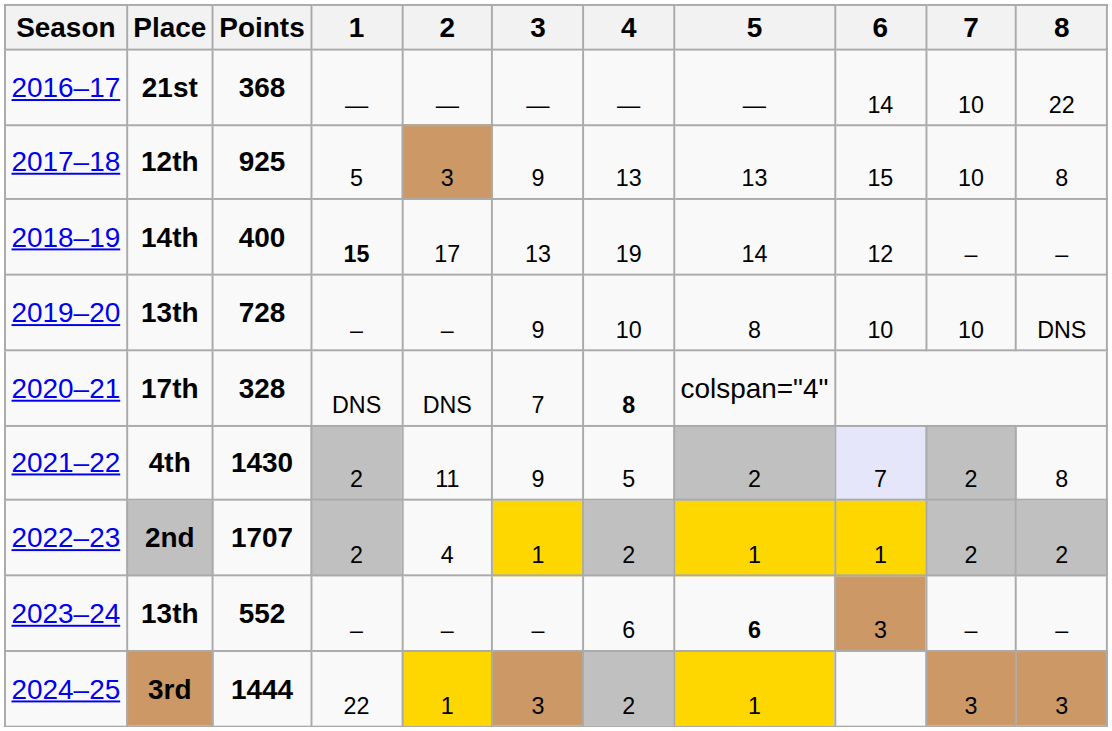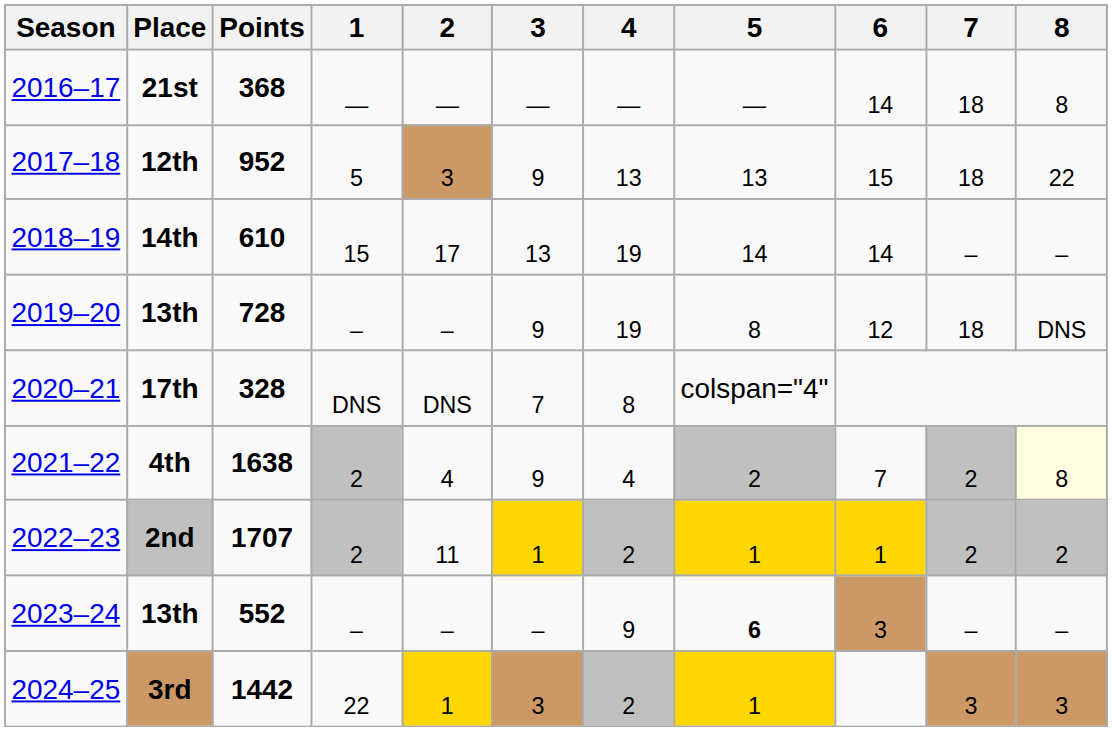 <table class="wikitable" border="1" style="text-align:center; font-size:90%;">
 <tr>
 <th>Season</th>
 <th>Place</th>
 <th>Points</th>
 <th width=40px>1</th>
 <th width=40px>2</th>
 <th width=40px>3</th>
 <th width=40px>4</th>
 <th width=40px>5</th>
 <th width=40px>6</th>
 <th width=40px>7</th>
 <th width=40px>8</th>
 </tr>
 <tr>
 <td><a href='#'>2016–17</a></td>
 <td><strong>21st</strong></td>
 <td><strong>368</strong></td>
 <td><br><small>—</small></td>
 <td><br><small>—</small></td>
 <td><br><small>—</small></td>
 <td><br><small>—</small></td>
 <td><br><small>—</small></td>
 <td><br><small>14</small></td>
-<td><br><small>10</small></td>
-<td><br><small>22</small></td>
+<td><br><small>18</small></td>
+<td><br><small>8</small></td>
 </tr>
 <tr>
 <td><a href='#'>2017–18</a></td>
 <td><strong>12th</strong></td>
-<td><strong>925</strong></td>
+<td><strong>952</strong></td>
 <td><br><small>5</small></td>
 <td style="background:#c96"><br><small>3</small></td>
 <td><br><small>9</small></td>
 <td><br><small>13</small></td>
 <td><br><small>13</small></td>
 <td><br><small>15</small></td>
-<td><br><small>10</small></td>
-<td><br><small>8</small></td>
+<td><br><small>18</small></td>
+<td><br><small>22</small></td>
 </tr>
 <tr>
 <td><a href='#'>2018–19</a></td>
 <td><strong>14th</strong></td>
-<td><strong>400</strong></td>
-<td><strong><br><small>15</small></strong></td>
+<td><strong>610</strong></td>
+<td><br><small>15</small></td>
 <td><br><small>17</small></td>
 <td><br><small>13</small></td>
 <td><br><small>19</small></td>
 <td><br><small>14</small></td>
-<td><br><small>12</small></td>
+<td><br><small>14</small></td>
 <td><br><small>–</small></td>
 <td><br><small>–</small></td>
 </tr>
 <tr>
 <td><a href='#'>2019–20</a></td>
 <td><strong>13th</strong></td>
 <td><strong>728</strong></td>
 <td><br><small>–</small></td>
 <td><br><small>–</small></td>
 <td><br><small>9</small></td>
-<td><br><small>10</small></td>
+<td><br><small>19</small></td>
 <td><br><small>8</small></td>
-<td><br><small>10</small></td>
-<td><br><small>10</small></td>
+<td><br><small>12</small></td>
+<td><br><small>18</small></td>
 <td><br><small>DNS</small></td>
 </tr>
 <tr>
 <td><a href='#'>2020–21</a></td>
 <td><strong>17th</strong></td>
 <td><strong>328</strong></td>
 <td><br><small>DNS</small></td>
 <td><br><small>DNS</small></td>
 <td><br><small>7</small></td>
-<td><strong><br><small>8</small></strong></td>
+<td><br><small>8</small></td>
 <td>colspan="4" </td>
 </tr>
 <tr>
 <td><a href='#'>2021–22</a></td>
 <td><strong>4th</strong></td>
-<td><strong>1430</strong></td>
+<td><strong>1638</strong></td>
 <td style="background:silver"><br><small>2</small></td>
-<td><br><small>11</small></td>
+<td><br><small>4</small></td>
 <td><br><small>9</small></td>
-<td><br><small>5</small></td>
+<td><br><small>4</small></td>
 <td style="background:silver"><br><small>2</small></td>
-<td style="background: lavender;"><br><small>7</small></td>
+<td><br><small>7</small></td>
 <td style="background:silver"><br><small>2</small></td>
-<td><br><small>8</small></td>
+<td style="background: lightyellow;"><br><small>8</small></td>
 </tr>
 <tr>
 <td><a href='#'>2022–23</a></td>
 <td style="background:silver"><strong>2nd</strong></td>
 <td><strong>1707</strong></td>
 <td style="background:silver"><br><small>2</small></td>
-<td><br><small>4</small></td>
+<td><br><small>11</small></td>
 <td style="background:gold"><br><small>1</small></td>
 <td style="background:silver"><br><small>2</small></td>
 <td style="background:gold"><br><small>1</small></td>
 <td style="background:gold"><br><small>1</small></td>
 <td style="background:silver"><br><small>2</small></td>
 <td style="background:silver"><br><small>2</small></td>
 </tr>
 <tr>
 <td><a href='#'>2023–24</a></td>
 <td><strong>13th</strong></td>
 <td><strong>552</strong></td>
 <td><br><small>–</small></td>
 <td><br><small>–</small></td>
 <td><br><small>–</small></td>
-<td><br><small>6</small></td>
+<td><br><small>9</small></td>
 <td><strong><br><small>6</small></strong></td>
 <td style="background:#c96"><br><small>3</small></td>
 <td><br><small>–</small></td>
 <td><br><small>–</small></td>
 </tr>
 <tr>
 <td><a href='#'>2024–25</a></td>
 <td style="background:#c96"><strong>3rd</strong></td>
-<td><strong>1444</strong></td>
+<td><strong>1442</strong></td>
 <td><br><small>22</small></td>
 <td style="background:gold"><br><small>1</small></td>
 <td style="background:#c96"><br><small>3</small></td>
 <td style="background:silver"><br><small>2</small></td>
 <td style="background:gold"><br><small>1</small></td>
 <td><br><small> </small></td>
 <td style="background:#c96"><br><small>3</small></td>
 <td style="background:#c96"><br><small>3</small></td>
 </tr>
 </table>
